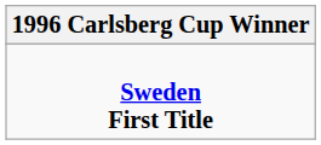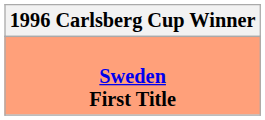 <table class="wikitable" style="text-align: center; margin: 0 auto;">
 <tr>
 <th>1996 Carlsberg Cup Winner</th>
 </tr>
 <tr>
 </tr>
 <tr>
-<td><br><strong><a href='#'>Sweden</a></strong><br><strong>First Title</strong></td>
+<td style="background: lightsalmon;"><br><strong><a href='#'>Sweden</a></strong><br><strong>First Title</strong></td>
 </tr>
 </table>
